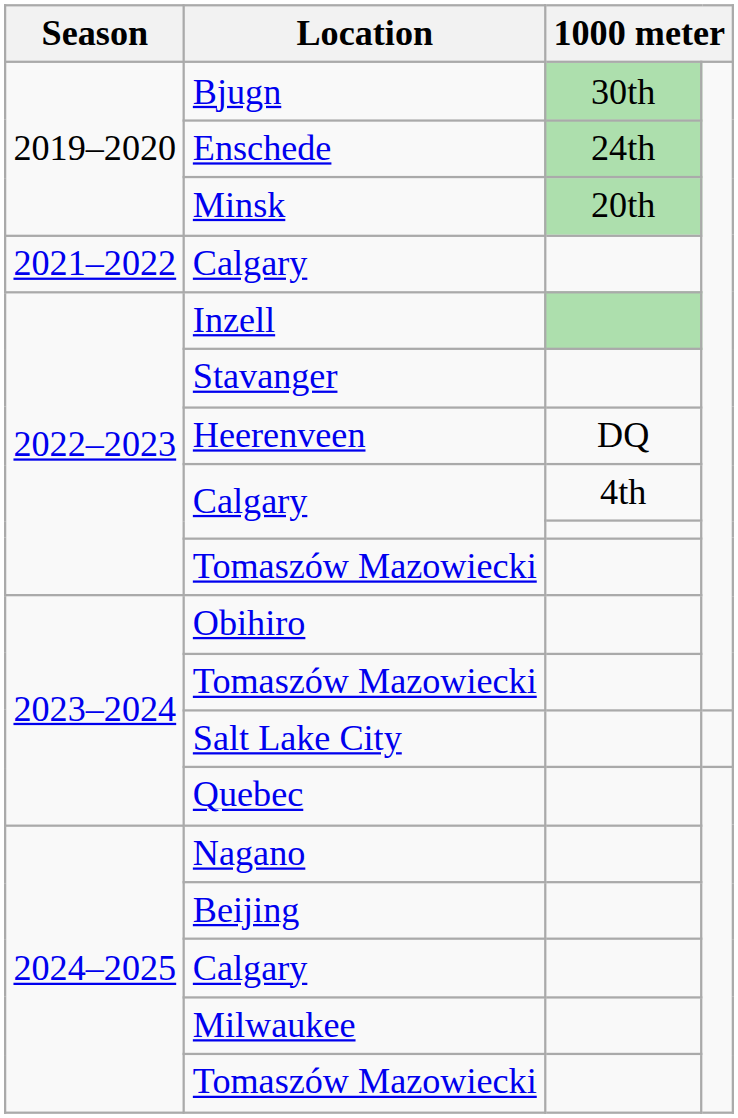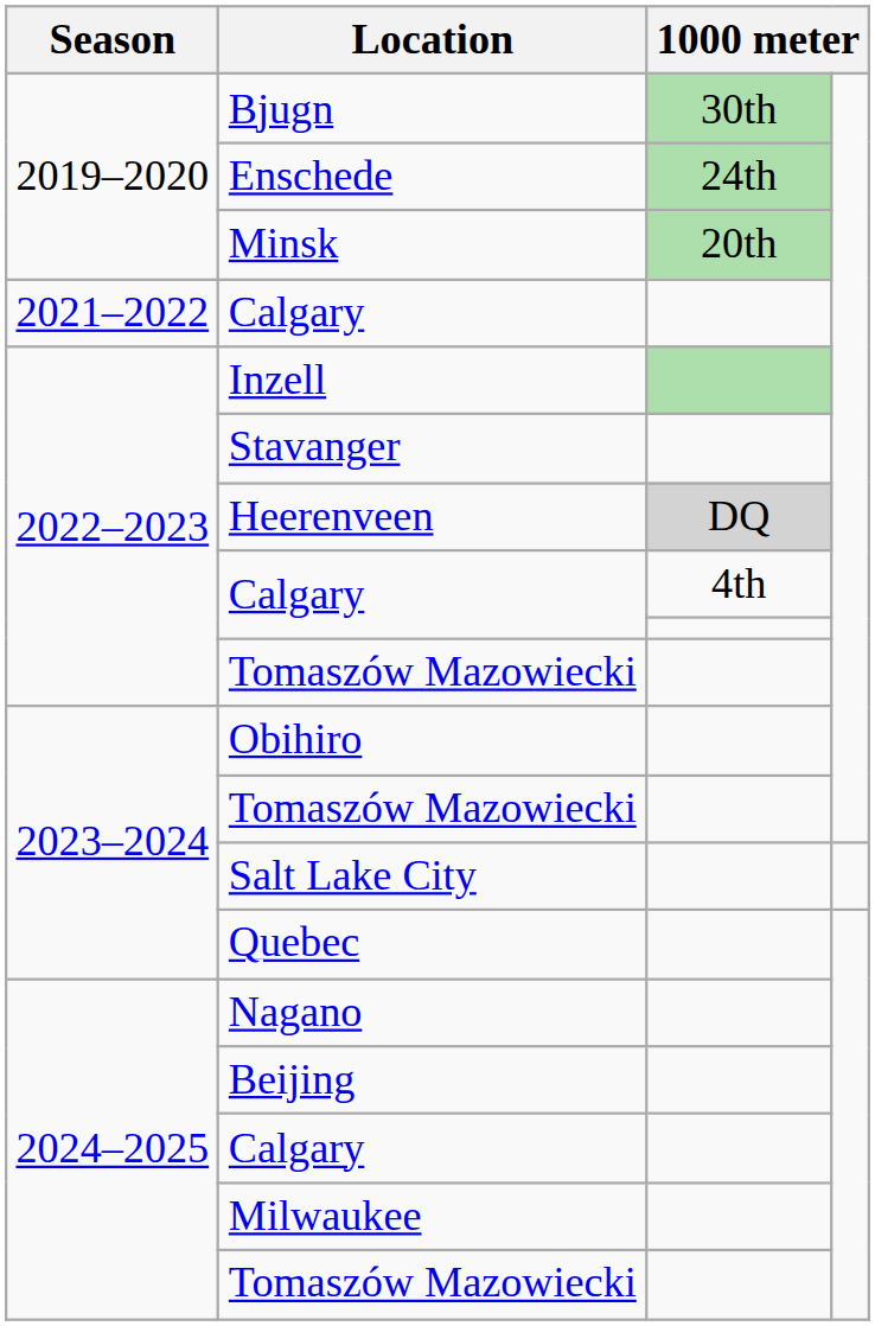 <table class="wikitable" style="display: inline-table;">
 <tr>
 <th>Season</th>
 <th>Location</th>
 <th colspan="2">1000 meter</th>
 </tr>
 <tr style="text-align:center">
 <td rowspan=3>2019–2020</td>
 <td align=left> <a href='#'>Bjugn</a></td>
 <td style="background:#addfad;">30th</td>
 </tr>
 <tr style="text-align:center">
 <td align=left> <a href='#'>Enschede</a></td>
 <td style="background:#addfad;">24th</td>
 </tr>
 <tr style="text-align:center">
 <td align=left> <a href='#'>Minsk</a></td>
 <td style="background:#addfad;">20th</td>
 </tr>
 <tr style="text-align:center">
 <td><a href='#'>2021–2022</a></td>
 <td align=left> <a href='#'>Calgary</a></td>
 <td></td>
 </tr>
 <tr style="text-align:center">
 <td rowspan=6><a href='#'>2022–2023</a></td>
 <td align=left> <a href='#'>Inzell</a></td>
 <td style="background:#addfad;"></td>
 </tr>
 <tr style="text-align:center">
 <td align=left> <a href='#'>Stavanger</a></td>
 <td></td>
 </tr>
 <tr style="text-align:center">
 <td align=left> <a href='#'>Heerenveen</a></td>
-<td>DQ</td>
+<td style="background: lightgrey;">DQ</td>
 </tr>
 <tr style="text-align:center">
 <td rowspan=2 align=left> <a href='#'>Calgary</a></td>
 <td>4th</td>
 </tr>
 <tr style="text-align:center">
 <td></td>
 </tr>
 <tr style="text-align:center">
 <td align=left> <a href='#'>Tomaszów Mazowiecki</a></td>
 <td></td>
 </tr>
 <tr style="text-align:center">
 <td rowspan=4><a href='#'>2023–2024</a></td>
 <td align=left> <a href='#'>Obihiro</a></td>
 <td></td>
 </tr>
 <tr style="text-align:center">
 <td align=left> <a href='#'>Tomaszów Mazowiecki</a></td>
 <td></td>
 </tr>
 <tr style="text-align:center">
 <td align=left> <a href='#'>Salt Lake City</a></td>
 <td></td>
 <td></td>
 </tr>
 <tr style="text-align:center">
 <td align=left> <a href='#'>Quebec</a></td>
 <td></td>
 </tr>
 <tr style="text-align:center">
 <td rowspan=5><a href='#'>2024–2025</a></td>
 <td align=left> <a href='#'>Nagano</a></td>
 <td></td>
 </tr>
 <tr style="text-align:center">
 <td align=left> <a href='#'>Beijing</a></td>
 <td></td>
 </tr>
 <tr style="text-align:center">
 <td align=left> <a href='#'>Calgary</a></td>
 <td></td>
 </tr>
 <tr style="text-align:center">
 <td align=left> <a href='#'>Milwaukee</a></td>
 <td></td>
 </tr>
 <tr style="text-align:center">
 <td align=left> <a href='#'>Tomaszów Mazowiecki</a></td>
 <td></td>
 </tr>
 </table>
